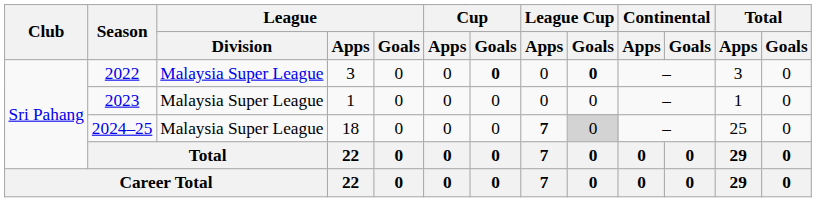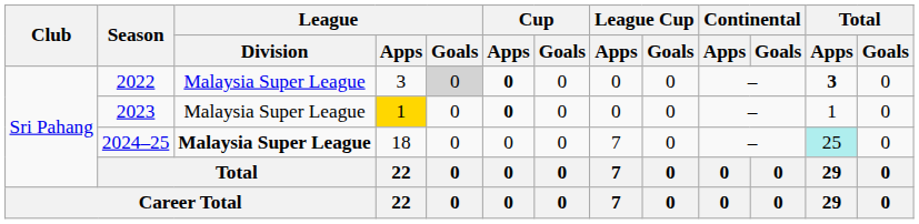 <table class=wikitable style="text-align:center">
 <tr>
 <th rowspan=2>Club</th>
 <th rowspan=2>Season</th>
 <th colspan=3>League</th>
 <th colspan=2>Cup</th>
 <th colspan=2>League Cup</th>
 <th colspan=2>Continental</th>
 <th colspan=2>Total</th>
 </tr>
 <tr>
 <th>Division</th>
 <th>Apps</th>
 <th>Goals</th>
 <th>Apps</th>
 <th>Goals</th>
 <th>Apps</th>
 <th>Goals</th>
 <th>Apps</th>
 <th>Goals</th>
 <th>Apps</th>
 <th>Goals</th>
 </tr>
 <tr>
 <td rowspan=4><a href='#'>Sri Pahang</a></td>
 <td><a href='#'>2022</a></td>
 <td><a href='#'>Malaysia Super League</a></td>
 <td>3</td>
+<td style="background: lightgrey;">0</td>
+<td><strong>0</strong></td>
 <td>0</td>
 <td>0</td>
-<td><strong>0</strong></td>
 <td>0</td>
-<td><strong>0</strong></td>
 <td colspan=2>–</td>
-<td>3</td>
+<td><strong>3</strong></td>
 <td>0</td>
 </tr>
 <tr>
 <td><a href='#'>2023</a></td>
 <td>Malaysia Super League</td>
-<td>1</td>
+<td style="background: gold;">1</td>
 <td>0</td>
-<td>0</td>
+<td><strong>0</strong></td>
 <td>0</td>
 <td>0</td>
 <td>0</td>
 <td colspan=2>–</td>
 <td>1</td>
 <td>0</td>
 </tr>
 <tr>
 <td><a href='#'>2024–25</a></td>
-<td>Malaysia Super League</td>
+<td><strong>Malaysia Super League</strong></td>
 <td>18</td>
 <td>0</td>
 <td>0</td>
 <td>0</td>
-<td><strong>7</strong></td>
-<td style="background: lightgrey;">0</td>
+<td>7</td>
+<td>0</td>
 <td colspan=2>–</td>
-<td>25</td>
+<td style="background: paleturquoise;">25</td>
 <td>0</td>
 </tr>
 <tr>
 <th colspan="2">Total</th>
 <th>22</th>
 <th>0</th>
 <th>0</th>
 <th>0</th>
 <th>7</th>
 <th>0</th>
 <th>0</th>
 <th>0</th>
 <th>29</th>
 <th>0</th>
 </tr>
 <tr>
 <th colspan="3">Career Total</th>
 <th>22</th>
 <th>0</th>
 <th>0</th>
 <th>0</th>
 <th>7</th>
 <th>0</th>
 <th>0</th>
 <th>0</th>
 <th>29</th>
 <th>0</th>
 </tr>
 </table>
